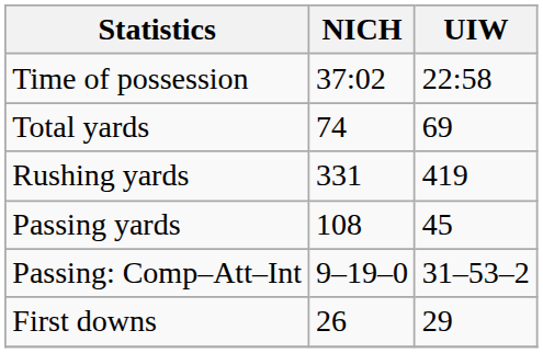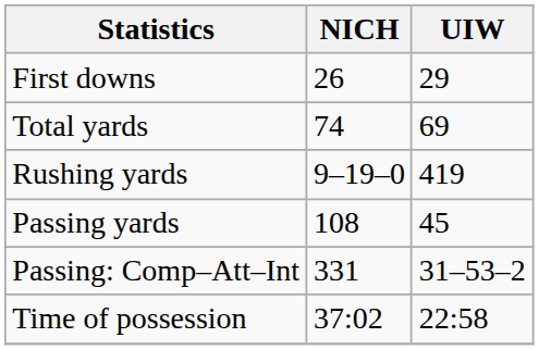 <table class="wikitable" style="float: left;">
 <tr>
 <th>Statistics</th>
 <th>NICH</th>
 <th>UIW</th>
 </tr>
 <tr>
-<td>Time of possession</td>
-<td>37:02</td>
-<td>22:58</td>
+<td>First downs</td>
+<td>26</td>
+<td>29</td>
 </tr>
 <tr>
 <td>Total yards</td>
 <td>74</td>
 <td>69</td>
 </tr>
 <tr>
 <td>Rushing yards</td>
-<td>331</td>
+<td>9–19–0</td>
 <td>419</td>
 </tr>
 <tr>
 <td>Passing yards</td>
 <td>108</td>
 <td>45</td>
 </tr>
 <tr>
 <td>Passing: Comp–Att–Int</td>
-<td>9–19–0</td>
+<td>331</td>
 <td>31–53–2</td>
 </tr>
 <tr>
-<td>First downs</td>
-<td>26</td>
-<td>29</td>
+<td>Time of possession</td>
+<td>37:02</td>
+<td>22:58</td>
 </tr>
 <tr>
 </tr>
 </table>
